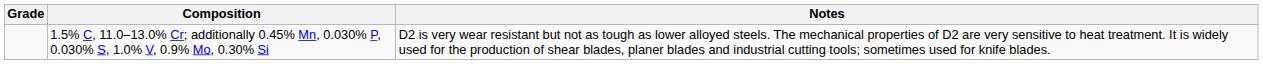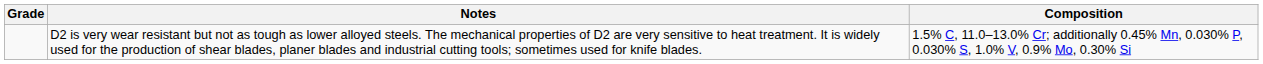 <table class="wikitable">
 <tr>
 <th>Grade</th>
+<th>Notes</th>
 <th>Composition</th>
-<th>Notes</th>
 </tr>
 <tr>
 <td></td>
+<td>D2 is very wear resistant but not as tough as lower alloyed steels. The mechanical properties of D2 are very sensitive to heat treatment. It is widely used for the production of shear blades, planer blades and industrial cutting tools; sometimes used for knife blades.</td>
 <td>1.5% <a href='#'>C</a>, 11.0–13.0% <a href='#'>Cr</a>; additionally 0.45% <a href='#'>Mn</a>, 0.030% <a href='#'>P</a>, 0.030% <a href='#'>S</a>, 1.0% <a href='#'>V</a>, 0.9% <a href='#'>Mo</a>, 0.30% <a href='#'>Si</a></td>
-<td>D2 is very wear resistant but not as tough as lower alloyed steels. The mechanical properties of D2 are very sensitive to heat treatment. It is widely used for the production of shear blades, planer blades and industrial cutting tools; sometimes used for knife blades.</td>
 </tr>
 </table>
